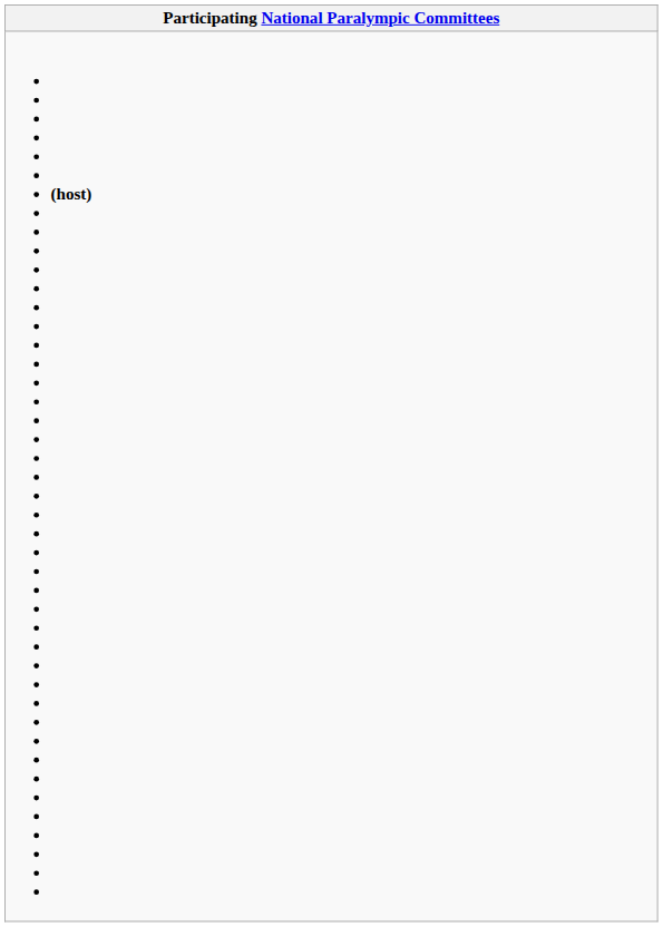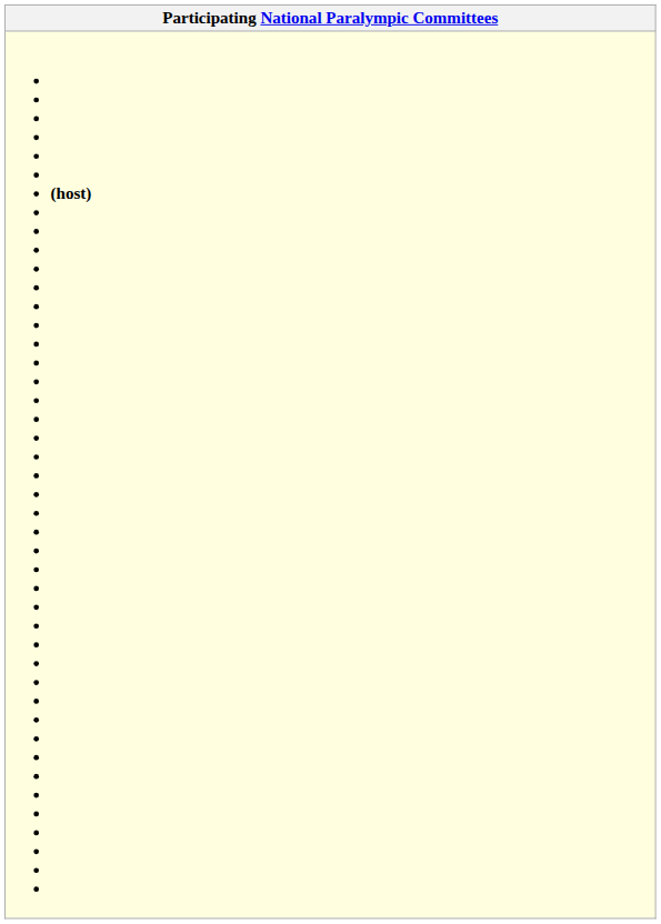 <table class="wikitable collapsible" style="width:100%;">
 <tr>
 <th>Participating <a href='#'>National Paralympic Committees</a></th>
 </tr>
 <tr>
-<td><br><ul><li></li><li></li><li></li><li></li><li></li><li></li><li> <strong>(host)</strong></li><li></li><li></li><li></li><li></li><li></li><li></li><li></li><li></li><li></li><li></li><li></li><li></li><li></li><li></li><li></li><li></li><li></li><li></li><li></li><li></li><li></li><li></li><li></li><li></li><li></li><li></li><li></li><li></li><li></li><li></li><li></li><li></li><li></li><li></li><li></li><li></li><li></li></ul></td>
+<td style="background: lightyellow;"><br><ul><li></li><li></li><li></li><li></li><li></li><li></li><li> <strong>(host)</strong></li><li></li><li></li><li></li><li></li><li></li><li></li><li></li><li></li><li></li><li></li><li></li><li></li><li></li><li></li><li></li><li></li><li></li><li></li><li></li><li></li><li></li><li></li><li></li><li></li><li></li><li></li><li></li><li></li><li></li><li></li><li></li><li></li><li></li><li></li><li></li><li></li><li></li></ul></td>
 </tr>
 </table>
